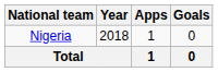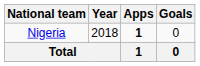 <table class="wikitable" style=text-align:center>
 <tr>
 <th>National team</th>
 <th>Year</th>
 <th>Apps</th>
 <th>Goals</th>
 </tr>
 <tr>
 <td><a href='#'>Nigeria</a></td>
 <td>2018</td>
-<td>1</td>
+<td><strong>1</strong></td>
 <td>0</td>
 </tr>
 <tr>
 <th colspan=2>Total</th>
 <th>1</th>
 <th>0</th>
 </tr>
 </table>
